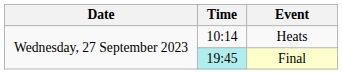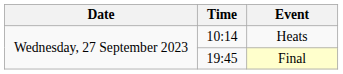 <table class = "wikitable" style="text-align:center;">
 <tr>
 <th width=220>Date</th>
 <th width=50>Time</th>
 <th width=100>Event</th>
 </tr>
 <tr>
 <td rowspan=3>Wednesday, 27 September 2023</td>
 <td>10:14</td>
 <td>Heats</td>
 </tr>
 <tr>
-<td style="background: paleturquoise;">19:45</td>
+<td>19:45</td>
 <td bgcolor=ffffcc>Final</td>
 </tr>
 </table>
